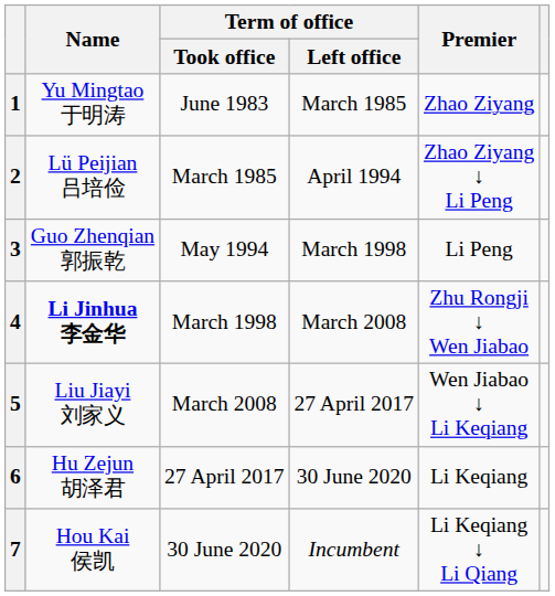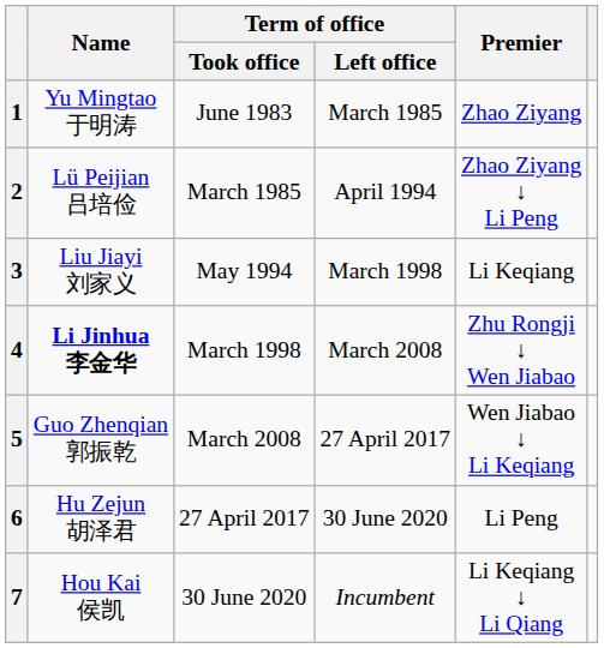 <table class="wikitable" style="text-align:center">
 <tr>
 <th rowspan="2"></th>
 <th rowspan="2">Name<br></th>
 <th colspan="2">Term of office</th>
 <th rowspan="2">Premier</th>
 <th rowspan="2"></th>
 </tr>
 <tr>
 <th>Took office</th>
 <th>Left office</th>
 </tr>
 <tr>
 <th>1</th>
 <td><a href='#'>Yu Mingtao</a><br>于明涛<br></td>
 <td>June 1983</td>
 <td>March 1985</td>
 <td><a href='#'>Zhao Ziyang</a></td>
 <td></td>
 </tr>
 <tr>
 <th>2</th>
 <td><a href='#'>Lü Peijian</a><br>吕培俭<br></td>
 <td>March 1985</td>
 <td>April 1994</td>
 <td><a href='#'>Zhao Ziyang</a><br>↓<br><a href='#'>Li Peng</a></td>
 <td></td>
 </tr>
 <tr>
 <th>3</th>
-<td><a href='#'>Guo Zhenqian</a><br>郭振乾<br></td>
+<td><a href='#'>Liu Jiayi</a><br>刘家义<br></td>
 <td>May 1994</td>
 <td>March 1998</td>
-<td>Li Peng</td>
+<td>Li Keqiang</td>
 <td></td>
 </tr>
 <tr>
 <th>4</th>
 <td><strong><a href='#'>Li Jinhua</a><br>李金华<br></strong></td>
 <td>March 1998</td>
 <td>March 2008</td>
 <td><a href='#'>Zhu Rongji</a><br>↓<br><a href='#'>Wen Jiabao</a></td>
 <td></td>
 </tr>
 <tr>
 <th>5</th>
-<td><a href='#'>Liu Jiayi</a><br>刘家义<br></td>
+<td><a href='#'>Guo Zhenqian</a><br>郭振乾<br></td>
 <td>March 2008</td>
 <td>27 April 2017</td>
 <td>Wen Jiabao<br>↓<br><a href='#'>Li Keqiang</a></td>
 <td></td>
 </tr>
 <tr>
 <th>6</th>
 <td><a href='#'>Hu Zejun</a><br>胡泽君<br></td>
 <td>27 April 2017</td>
 <td>30 June 2020</td>
-<td>Li Keqiang</td>
+<td>Li Peng</td>
 <td></td>
 </tr>
 <tr>
 <th>7</th>
 <td><a href='#'>Hou Kai</a><br>侯凯<br></td>
 <td>30 June 2020</td>
 <td><em>Incumbent</em></td>
 <td>Li Keqiang<br>↓<br><a href='#'>Li Qiang</a></td>
 <td></td>
 </tr>
 </table>
